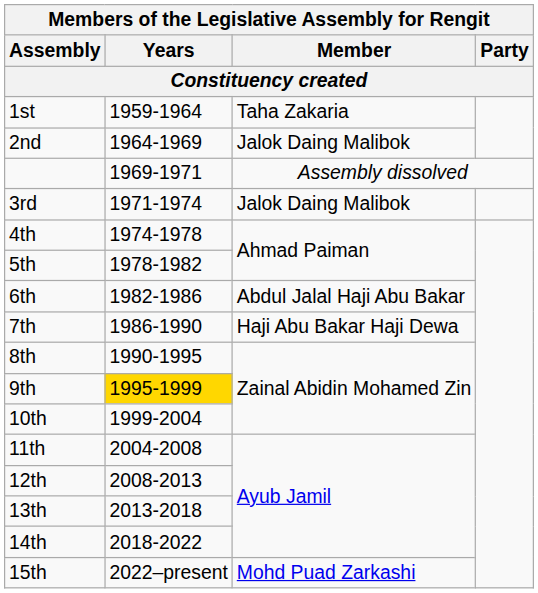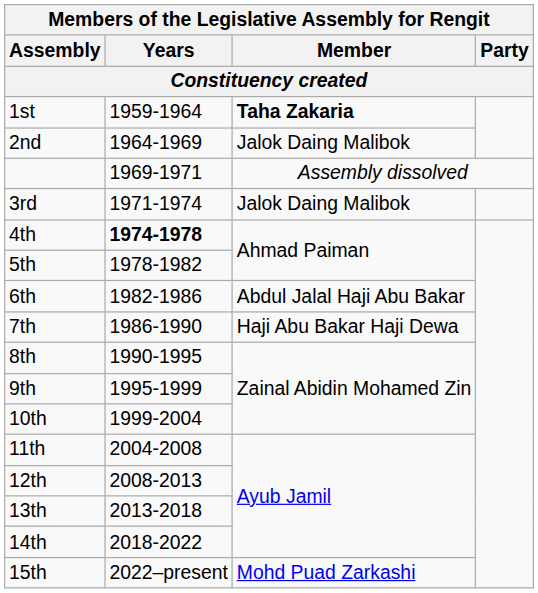 <table class=wikitable>
 <tr>
 <th colspan=4>Members of the Legislative Assembly for Rengit</th>
 </tr>
 <tr>
 <th>Assembly</th>
 <th>Years</th>
 <th>Member</th>
 <th>Party</th>
 </tr>
 <tr>
 <th colspan=4 align=center><em>Constituency created</em></th>
 </tr>
 <tr>
 <td>1st</td>
 <td>1959-1964</td>
-<td>Taha Zakaria</td>
+<td><strong>Taha Zakaria</strong></td>
 <td rowspan="2"></td>
 </tr>
 <tr>
 <td>2nd</td>
 <td>1964-1969</td>
 <td>Jalok Daing Malibok</td>
 </tr>
 <tr>
 <td></td>
 <td>1969-1971</td>
 <td colspan=2 align=center><em>Assembly dissolved</em></td>
 </tr>
 <tr>
 <td>3rd</td>
 <td>1971-1974</td>
 <td>Jalok Daing Malibok</td>
 <td></td>
 </tr>
 <tr>
 <td>4th</td>
-<td>1974-1978</td>
+<td><strong>1974-1978</strong></td>
 <td rowspan="2">Ahmad Paiman</td>
 <td rowspan="12"></td>
 </tr>
 <tr>
 <td>5th</td>
 <td>1978-1982</td>
 </tr>
 <tr>
 <td>6th</td>
 <td>1982-1986</td>
 <td>Abdul Jalal Haji Abu Bakar</td>
 </tr>
 <tr>
 <td>7th</td>
 <td>1986-1990</td>
 <td>Haji Abu Bakar Haji Dewa</td>
 </tr>
 <tr>
 <td>8th</td>
 <td>1990-1995</td>
 <td rowspan="3">Zainal Abidin Mohamed Zin</td>
 </tr>
 <tr>
 <td>9th</td>
-<td style="background: gold;">1995-1999</td>
+<td>1995-1999</td>
 </tr>
 <tr>
 <td>10th</td>
 <td>1999-2004</td>
 </tr>
 <tr>
 <td>11th</td>
 <td>2004-2008</td>
 <td rowspan="4"><a href='#'>Ayub Jamil</a></td>
 </tr>
 <tr>
 <td>12th</td>
 <td>2008-2013</td>
 </tr>
 <tr>
 <td>13th</td>
 <td>2013-2018</td>
 </tr>
 <tr>
 <td>14th</td>
 <td>2018-2022</td>
 </tr>
 <tr>
 <td>15th</td>
 <td>2022–present</td>
 <td><a href='#'>Mohd Puad Zarkashi</a></td>
 </tr>
 </table>
